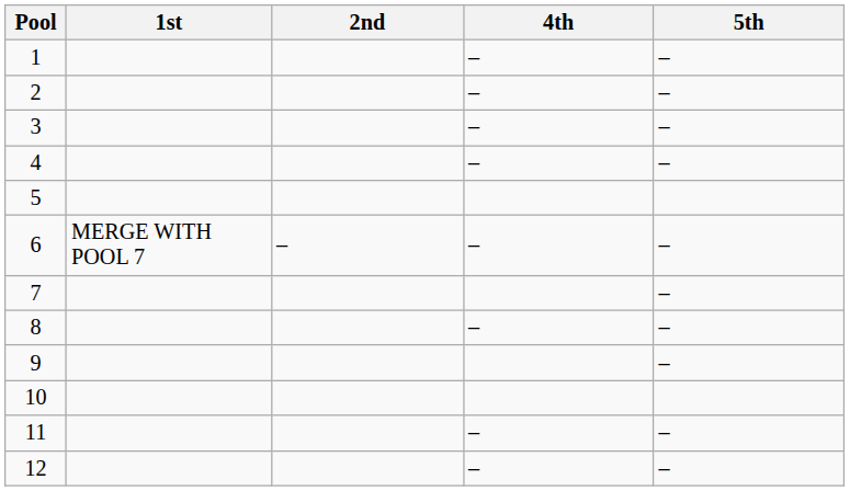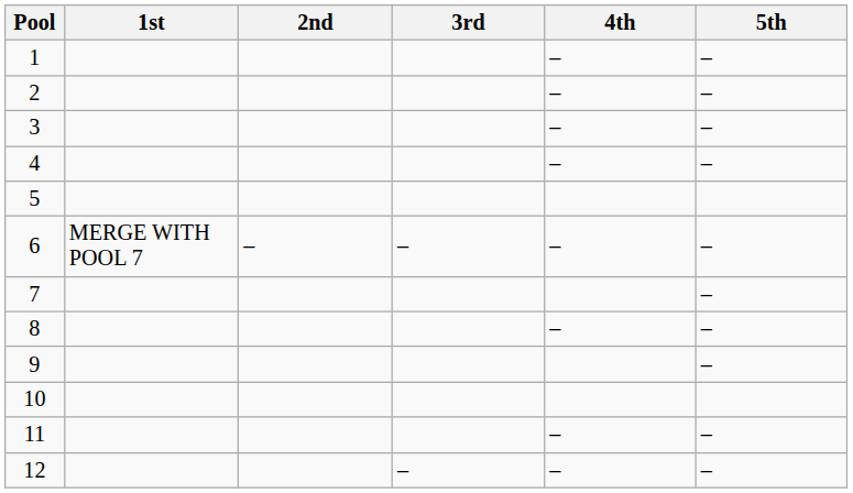 <table class="wikitable" style="text-align:left;">
 <tr>
 <th width=40>Pool</th>
 <th width=180>1st</th>
 <th width=180>2nd</th>
+<th width=180>3rd</th>
 <th width=180>4th</th>
 <th width=180>5th</th>
 </tr>
 <tr>
 <td style="text-align:center">1</td>
+<td></td>
 <td></td>
 <td></td>
 <td>–</td>
 <td>–</td>
 </tr>
 <tr>
 <td style="text-align:center">2</td>
 <td></td>
 <td></td>
+<td></td>
 <td>–</td>
 <td>–</td>
 </tr>
 <tr>
 <td style="text-align:center">3</td>
 <td></td>
 <td></td>
+<td></td>
 <td>–</td>
 <td>–</td>
 </tr>
 <tr>
 <td style="text-align:center">4</td>
+<td></td>
 <td></td>
 <td></td>
 <td>–</td>
 <td>–</td>
 </tr>
 <tr>
 <td style="text-align:center">5</td>
 <td></td>
 <td></td>
 <td></td>
 <td></td>
+<td></td>
 </tr>
 <tr>
 <td style="text-align:center">6</td>
 <td>MERGE WITH POOL 7</td>
+<td>–</td>
 <td>–</td>
 <td>–</td>
 <td>–</td>
 </tr>
 <tr>
 <td style="text-align:center">7</td>
 <td></td>
 <td></td>
 <td></td>
+<td></td>
 <td>–</td>
 </tr>
 <tr>
 <td style="text-align:center">8</td>
+<td></td>
 <td></td>
 <td></td>
 <td>–</td>
 <td>–</td>
 </tr>
 <tr>
 <td style="text-align:center">9</td>
+<td></td>
 <td></td>
 <td></td>
 <td></td>
 <td>–</td>
 </tr>
 <tr>
 <td style="text-align:center">10</td>
 <td></td>
 <td></td>
 <td></td>
 <td></td>
+<td></td>
 </tr>
 <tr>
 <td style="text-align:center">11</td>
+<td></td>
 <td></td>
 <td></td>
 <td>–</td>
 <td>–</td>
 </tr>
 <tr>
 <td style="text-align:center">12</td>
 <td></td>
 <td></td>
 <td>–</td>
 <td>–</td>
+<td>–</td>
 </tr>
 </table>
